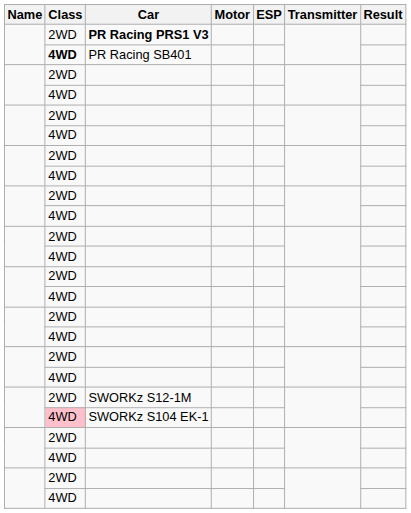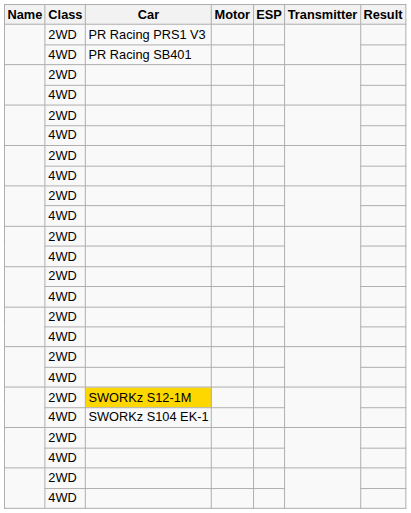 <table class="wikitable" style="font-size: 85%;">
 <tr>
 <th>Name</th>
 <th>Class</th>
 <th>Car</th>
 <th>Motor</th>
 <th>ESP</th>
 <th>Transmitter</th>
 <th>Result</th>
 </tr>
 <tr>
 <td rowspan=2> </td>
 <td>2WD</td>
-<td><strong>PR Racing PRS1 V3</strong></td>
+<td>PR Racing PRS1 V3</td>
 <td></td>
 <td></td>
 <td rowspan=2></td>
 <td></td>
 </tr>
 <tr>
-<td><strong>4WD</strong></td>
+<td>4WD</td>
 <td>PR Racing SB401</td>
 <td></td>
 <td></td>
 <td></td>
 </tr>
 <tr>
 <td rowspan=2> </td>
 <td>2WD</td>
 <td></td>
 <td></td>
 <td></td>
 <td rowspan=2></td>
 <td></td>
 </tr>
 <tr>
 <td>4WD</td>
 <td></td>
 <td></td>
 <td></td>
 <td></td>
 </tr>
 <tr>
 <td rowspan=2> </td>
 <td>2WD</td>
 <td></td>
 <td></td>
 <td></td>
 <td rowspan=2></td>
 <td></td>
 </tr>
 <tr>
 <td>4WD</td>
 <td></td>
 <td></td>
 <td></td>
 <td></td>
 </tr>
 <tr>
 <td rowspan=2> </td>
 <td>2WD</td>
 <td></td>
 <td></td>
 <td></td>
 <td rowspan=2></td>
 <td></td>
 </tr>
 <tr>
 <td>4WD</td>
 <td></td>
 <td></td>
 <td></td>
 <td></td>
 </tr>
 <tr>
 <td rowspan=2> </td>
 <td>2WD</td>
 <td></td>
 <td></td>
 <td></td>
 <td rowspan=2></td>
 <td></td>
 </tr>
 <tr>
 <td>4WD</td>
 <td></td>
 <td></td>
 <td></td>
 <td></td>
 </tr>
 <tr>
 <td rowspan=2> </td>
 <td>2WD</td>
 <td></td>
 <td></td>
 <td></td>
 <td rowspan=2></td>
 <td></td>
 </tr>
 <tr>
 <td>4WD</td>
 <td></td>
 <td></td>
 <td></td>
 <td></td>
 </tr>
 <tr>
 <td rowspan=2> </td>
 <td>2WD</td>
 <td></td>
 <td></td>
 <td></td>
 <td rowspan=2></td>
 <td></td>
 </tr>
 <tr>
 <td>4WD</td>
 <td></td>
 <td></td>
 <td></td>
 <td></td>
 </tr>
 <tr>
 <td rowspan=2> </td>
 <td>2WD</td>
 <td></td>
 <td></td>
 <td></td>
 <td rowspan=2></td>
 <td></td>
 </tr>
 <tr>
 <td>4WD</td>
 <td></td>
 <td></td>
 <td></td>
 <td></td>
 </tr>
 <tr>
 <td rowspan=2> </td>
 <td>2WD</td>
 <td></td>
 <td></td>
 <td></td>
 <td rowspan=2></td>
 <td></td>
 </tr>
 <tr>
 <td>4WD</td>
 <td></td>
 <td></td>
 <td></td>
 <td></td>
 </tr>
 <tr>
 <td rowspan=2> </td>
 <td>2WD</td>
-<td>SWORKz S12-1M</td>
+<td style="background: gold;">SWORKz S12-1M</td>
 <td></td>
 <td></td>
 <td rowspan=2></td>
 <td></td>
 </tr>
 <tr>
-<td style="background: pink;">4WD</td>
+<td>4WD</td>
 <td>SWORKz S104 EK-1</td>
 <td></td>
 <td></td>
 <td></td>
 </tr>
 <tr>
 <td rowspan=2> </td>
 <td>2WD</td>
 <td></td>
 <td></td>
 <td></td>
 <td rowspan=2></td>
 <td></td>
 </tr>
 <tr>
 <td>4WD</td>
 <td></td>
 <td></td>
 <td></td>
 <td></td>
 </tr>
 <tr>
 <td rowspan=2> </td>
 <td>2WD</td>
 <td></td>
 <td></td>
 <td></td>
 <td rowspan=2></td>
 <td></td>
 </tr>
 <tr>
 <td>4WD</td>
 <td></td>
 <td></td>
 <td></td>
 <td></td>
 </tr>
 </table>
